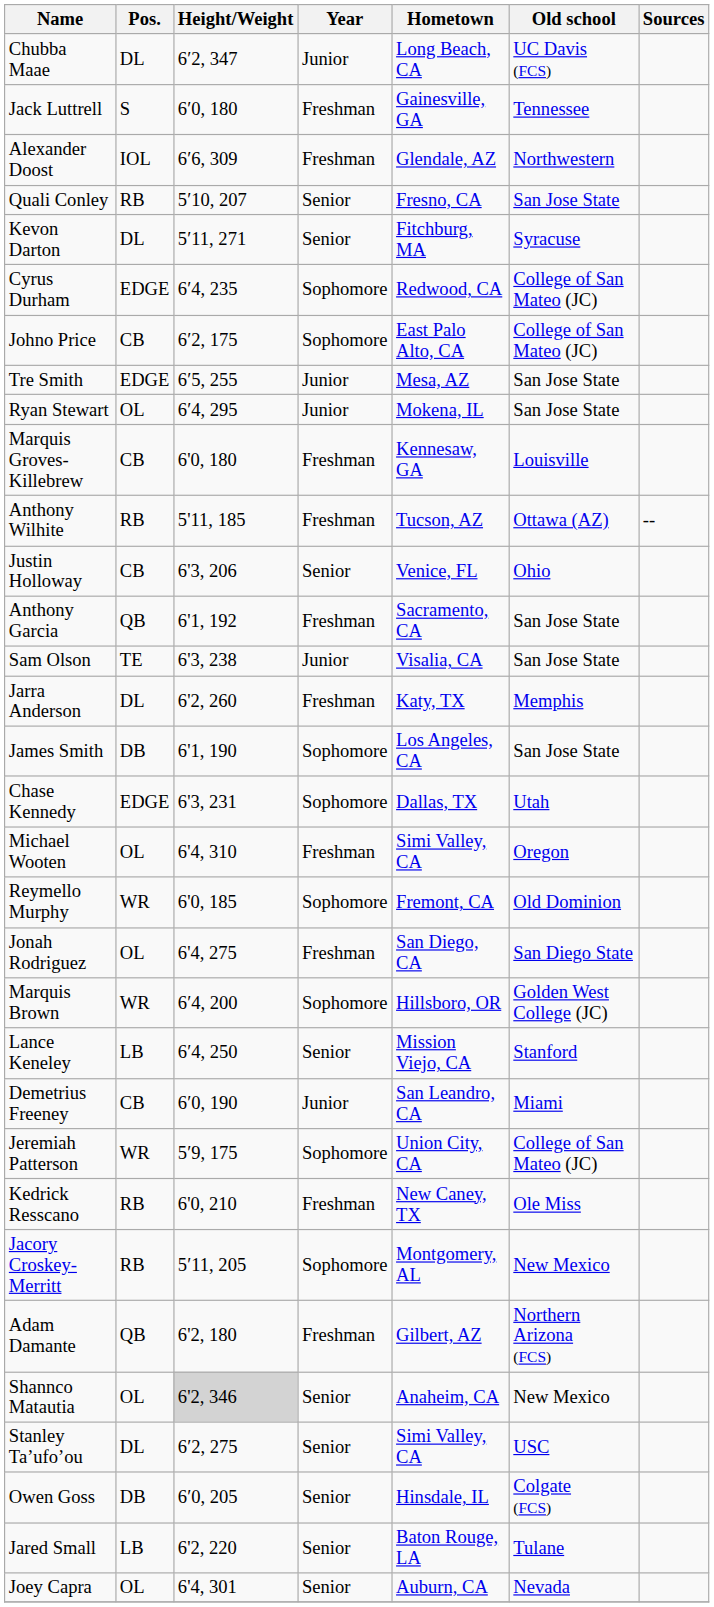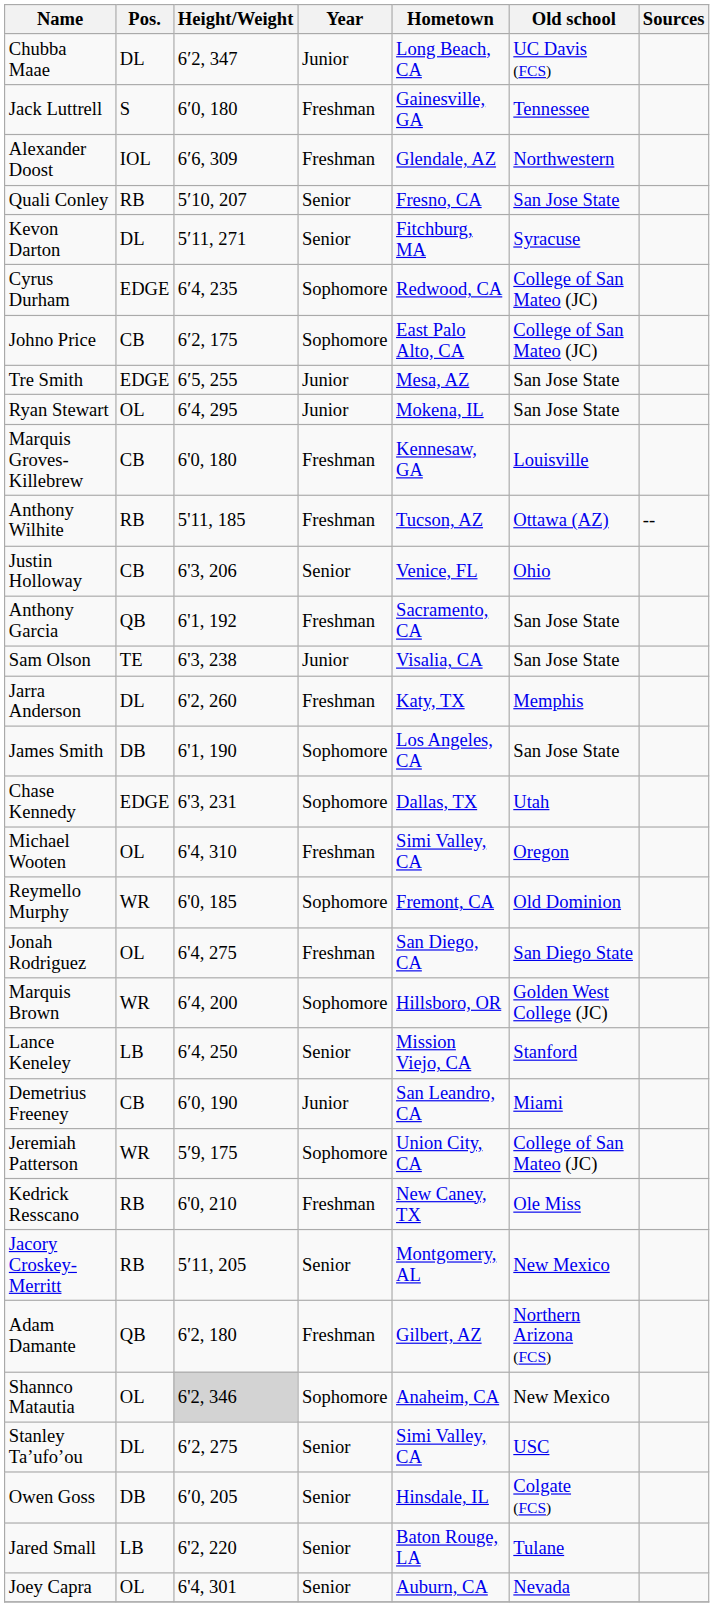 <table class="wikitable sortable">
 <tr>
 <th style="text-align:center; ">Name</th>
 <th style="text-align:center; ">Pos.</th>
 <th style="text-align:center;">Height/Weight</th>
 <th style="text-align:center; ">Year</th>
 <th style="text-align:center; ">Hometown</th>
 <th style="text-align:center; ">Old school</th>
 <th style="text-align:center; ">Sources</th>
 </tr>
 <tr>
 <td>Chubba Maae</td>
 <td>DL</td>
 <td>6′2, 347</td>
 <td>Junior</td>
 <td><a href='#'>Long Beach, CA</a></td>
 <td><a href='#'>UC Davis</a><br><small>(<a href='#'>FCS</a>)</small></td>
 <td></td>
 </tr>
 <tr>
 <td>Jack Luttrell</td>
 <td>S</td>
 <td>6′0, 180</td>
 <td>Freshman</td>
 <td><a href='#'>Gainesville, GA</a></td>
 <td><a href='#'>Tennessee</a></td>
 <td></td>
 </tr>
 <tr>
 <td>Alexander Doost</td>
 <td>IOL</td>
 <td>6′6, 309</td>
 <td>Freshman</td>
 <td><a href='#'>Glendale, AZ</a></td>
 <td><a href='#'>Northwestern</a></td>
 <td></td>
 </tr>
 <tr>
 <td>Quali Conley</td>
 <td>RB</td>
 <td>5′10, 207</td>
 <td>Senior</td>
 <td><a href='#'>Fresno, CA</a></td>
 <td><a href='#'>San Jose State</a></td>
 <td></td>
 </tr>
 <tr>
 <td>Kevon Darton</td>
 <td>DL</td>
 <td>5′11, 271</td>
 <td>Senior</td>
 <td><a href='#'>Fitchburg, MA</a></td>
 <td><a href='#'>Syracuse</a></td>
 <td></td>
 </tr>
 <tr>
 <td>Cyrus Durham</td>
 <td>EDGE</td>
 <td>6′4, 235</td>
 <td>Sophomore</td>
 <td><a href='#'>Redwood, CA</a></td>
 <td><a href='#'>College of San Mateo</a> (JC)</td>
 <td></td>
 </tr>
 <tr>
 <td>Johno Price</td>
 <td>CB</td>
 <td>6′2, 175</td>
 <td>Sophomore</td>
 <td><a href='#'>East Palo Alto, CA</a></td>
 <td><a href='#'>College of San Mateo</a> (JC)</td>
 <td></td>
 </tr>
 <tr>
 <td>Tre Smith</td>
 <td>EDGE</td>
 <td>6′5, 255</td>
 <td>Junior</td>
 <td><a href='#'>Mesa, AZ</a></td>
 <td>San Jose State</td>
 <td></td>
 </tr>
 <tr>
 <td>Ryan Stewart</td>
 <td>OL</td>
 <td>6′4, 295</td>
 <td>Junior</td>
 <td><a href='#'>Mokena, IL</a></td>
 <td>San Jose State</td>
 <td></td>
 </tr>
 <tr>
 <td>Marquis Groves-Killebrew</td>
 <td>CB</td>
 <td>6'0, 180</td>
 <td> Freshman</td>
 <td><a href='#'>Kennesaw, GA</a></td>
 <td><a href='#'>Louisville</a></td>
 <td></td>
 </tr>
 <tr>
 <td>Anthony Wilhite</td>
 <td>RB</td>
 <td>5'11, 185</td>
 <td>Freshman</td>
 <td><a href='#'>Tucson, AZ</a></td>
 <td><a href='#'>Ottawa (AZ)</a></td>
 <td>--</td>
 </tr>
 <tr>
 <td>Justin Holloway</td>
 <td>CB</td>
 <td>6'3, 206</td>
 <td>Senior</td>
 <td><a href='#'>Venice, FL</a></td>
 <td><a href='#'>Ohio</a></td>
 <td></td>
 </tr>
 <tr>
 <td>Anthony Garcia</td>
 <td>QB</td>
 <td>6'1, 192</td>
 <td>Freshman</td>
 <td><a href='#'>Sacramento, CA</a></td>
 <td>San Jose State</td>
 <td></td>
 </tr>
 <tr>
 <td>Sam Olson</td>
 <td>TE</td>
 <td>6'3, 238</td>
 <td>Junior</td>
 <td><a href='#'>Visalia, CA</a></td>
 <td>San Jose State</td>
 <td></td>
 </tr>
 <tr>
 <td>Jarra Anderson</td>
 <td>DL</td>
 <td>6'2, 260</td>
 <td>Freshman</td>
 <td><a href='#'>Katy, TX</a></td>
 <td><a href='#'>Memphis</a></td>
 <td></td>
 </tr>
 <tr>
 <td>James Smith</td>
 <td>DB</td>
 <td>6'1, 190</td>
 <td> Sophomore</td>
 <td><a href='#'>Los Angeles, CA</a></td>
 <td>San Jose State</td>
 <td></td>
 </tr>
 <tr>
 <td>Chase Kennedy</td>
 <td>EDGE</td>
 <td>6'3, 231</td>
 <td>Sophomore</td>
 <td><a href='#'>Dallas, TX</a></td>
 <td><a href='#'>Utah</a></td>
 <td></td>
 </tr>
 <tr>
 <td>Michael Wooten</td>
 <td>OL</td>
 <td>6'4, 310</td>
 <td> Freshman</td>
 <td><a href='#'>Simi Valley, CA</a></td>
 <td><a href='#'>Oregon</a></td>
 <td></td>
 </tr>
 <tr>
 <td>Reymello Murphy</td>
 <td>WR</td>
 <td>6'0, 185</td>
 <td>Sophomore</td>
 <td><a href='#'>Fremont, CA</a></td>
 <td><a href='#'>Old Dominion</a></td>
 <td></td>
 </tr>
 <tr>
 <td>Jonah Rodriguez</td>
 <td>OL</td>
 <td>6'4, 275</td>
 <td>Freshman</td>
 <td><a href='#'>San Diego, CA</a></td>
 <td><a href='#'>San Diego State</a></td>
 <td></td>
 </tr>
 <tr>
 <td>Marquis Brown</td>
 <td>WR</td>
 <td>6′4, 200</td>
 <td>Sophomore</td>
 <td><a href='#'>Hillsboro, OR</a></td>
 <td><a href='#'>Golden West College</a> (JC)</td>
 <td></td>
 </tr>
 <tr>
 <td>Lance Keneley</td>
 <td>LB</td>
 <td>6′4, 250</td>
 <td>Senior</td>
 <td><a href='#'>Mission Viejo, CA</a></td>
 <td><a href='#'>Stanford</a></td>
 <td></td>
 </tr>
 <tr>
 <td>Demetrius Freeney</td>
 <td>CB</td>
 <td>6′0, 190</td>
 <td>Junior</td>
 <td><a href='#'>San Leandro, CA</a></td>
 <td><a href='#'>Miami</a></td>
 <td></td>
 </tr>
 <tr>
 <td>Jeremiah Patterson</td>
 <td>WR</td>
 <td>5′9, 175</td>
 <td>Sophomore</td>
 <td><a href='#'>Union City, CA</a></td>
 <td><a href='#'>College of San Mateo</a> (JC)</td>
 <td></td>
 </tr>
 <tr>
 <td>Kedrick Resscano</td>
 <td>RB</td>
 <td>6'0, 210</td>
 <td>Freshman</td>
 <td><a href='#'>New Caney, TX</a></td>
 <td><a href='#'>Ole Miss</a></td>
 <td></td>
 </tr>
 <tr>
 <td><a href='#'>Jacory Croskey-Merritt</a></td>
 <td>RB</td>
 <td>5′11, 205</td>
-<td>Sophomore</td>
+<td>Senior</td>
 <td><a href='#'>Montgomery, AL</a></td>
 <td><a href='#'>New Mexico</a></td>
 <td></td>
 </tr>
 <tr>
 <td>Adam Damante</td>
 <td>QB</td>
 <td>6'2, 180</td>
 <td>Freshman</td>
 <td><a href='#'>Gilbert, AZ</a></td>
 <td><a href='#'>Northern Arizona</a><br><small>(<a href='#'>FCS</a>)</small></td>
 <td></td>
 </tr>
 <tr>
 <td>Shannco Matautia</td>
 <td>OL</td>
 <td style="background: lightgrey;">6'2, 346</td>
-<td>Senior</td>
+<td>Sophomore</td>
 <td><a href='#'>Anaheim, CA</a></td>
 <td>New Mexico</td>
 <td></td>
 </tr>
 <tr>
 <td>Stanley Ta’ufo’ou</td>
 <td>DL</td>
 <td>6′2, 275</td>
 <td> Senior</td>
 <td><a href='#'>Simi Valley, CA</a></td>
 <td><a href='#'>USC</a></td>
 <td></td>
 </tr>
 <tr>
 <td>Owen Goss</td>
 <td>DB</td>
 <td>6′0, 205</td>
 <td>Senior</td>
 <td><a href='#'>Hinsdale, IL</a></td>
 <td><a href='#'>Colgate</a><br><small>(<a href='#'>FCS</a>)</small></td>
 <td></td>
 </tr>
 <tr>
 <td>Jared Small</td>
 <td>LB</td>
 <td>6'2, 220</td>
 <td>Senior</td>
 <td><a href='#'>Baton Rouge, LA</a></td>
 <td><a href='#'>Tulane</a></td>
 <td></td>
 </tr>
 <tr>
 <td>Joey Capra</td>
 <td>OL</td>
 <td>6'4, 301</td>
 <td> Senior</td>
 <td><a href='#'>Auburn, CA</a></td>
 <td><a href='#'>Nevada</a></td>
 <td></td>
 </tr>
 <tr>
 </tr>
 </table>
